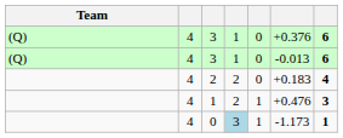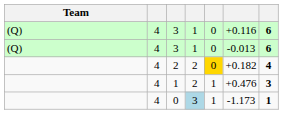 <table class="wikitable sortable" style="text-align:center">
 <tr>
 <th style="width:200px;">Team</th>
 <th style="width:20px;"></th>
 <th style="width:20px;"></th>
 <th style="width:20px;"></th>
 <th style="width:20px;"></th>
 <th style="width:45px;"></th>
 <th style="width:20px;"></th>
 </tr>
 <tr style="background:#cfc;">
 <td style="text-align:left">(Q)</td>
 <td>4</td>
 <td>3</td>
 <td>1</td>
 <td>0</td>
-<td>+0.376</td>
+<td>+0.116</td>
 <td><strong>6</strong></td>
 </tr>
 <tr style="background:#cfc;">
 <td style="text-align:left">(Q)</td>
 <td>4</td>
 <td>3</td>
 <td>1</td>
 <td>0</td>
 <td>-0.013</td>
 <td><strong>6</strong></td>
 </tr>
 <tr>
 <td style="text-align:left"></td>
 <td>4</td>
 <td>2</td>
 <td>2</td>
-<td>0</td>
-<td>+0.183</td>
+<td style="background: gold;">0</td>
+<td>+0.182</td>
 <td><strong>4</strong></td>
 </tr>
 <tr>
 <td style="text-align:left"></td>
 <td>4</td>
 <td>1</td>
 <td>2</td>
 <td>1</td>
 <td>+0.476</td>
 <td><strong>3</strong></td>
 </tr>
 <tr>
 <td style="text-align:left"></td>
 <td>4</td>
 <td>0</td>
 <td style="background: lightblue;">3</td>
 <td>1</td>
 <td>-1.173</td>
 <td><strong>1</strong></td>
 </tr>
 </table>
